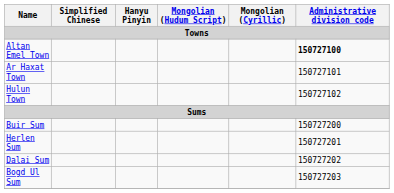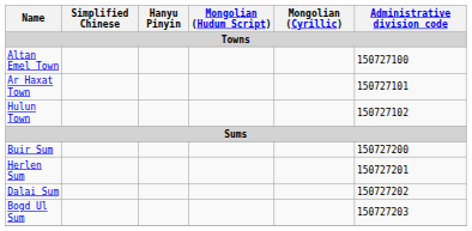 <table class="wikitable" align="center" style="width:50%; border="1">
 <tr>
 <th>Name</th>
 <th>Simplified Chinese</th>
 <th>Hanyu Pinyin</th>
 <th><a href='#'>Mongolian</a> (<a href='#'>Hudum Script</a>)</th>
 <th>Mongolian (<a href='#'>Cyrillic</a>)</th>
 <th><a href='#'>Administrative division code</a></th>
 </tr>
 <tr>
 <td colspan="6"  style="text-align:center; background:#d3d3d3;"><strong>Towns</strong></td>
 </tr>
 <tr --------->
 <td><a href='#'>Altan Emel Town</a></td>
 <td></td>
 <td></td>
 <td></td>
 <td></td>
-<td><strong>150727100</strong></td>
+<td>150727100</td>
 </tr>
 <tr>
 <td><a href='#'>Ar Haxat Town</a></td>
 <td></td>
 <td></td>
 <td></td>
 <td></td>
 <td>150727101</td>
 </tr>
 <tr>
 <td><a href='#'>Hulun Town</a></td>
 <td></td>
 <td></td>
 <td></td>
 <td></td>
 <td>150727102</td>
 </tr>
 <tr>
 <td colspan="6"  style="text-align:center; background:#d3d3d3;"><strong>Sums</strong></td>
 </tr>
 <tr --------->
 <td><a href='#'>Buir Sum</a></td>
 <td></td>
 <td></td>
 <td></td>
 <td></td>
 <td>150727200</td>
 </tr>
 <tr>
 <td><a href='#'>Herlen Sum</a></td>
 <td></td>
 <td></td>
 <td></td>
 <td></td>
 <td>150727201</td>
 </tr>
 <tr>
 <td><a href='#'>Dalai Sum</a></td>
 <td></td>
 <td></td>
 <td></td>
 <td></td>
 <td>150727202</td>
 </tr>
 <tr>
 <td><a href='#'>Bogd Ul Sum</a></td>
 <td></td>
 <td></td>
 <td></td>
 <td></td>
 <td>150727203</td>
 </tr>
 <tr>
 </tr>
 </table>
